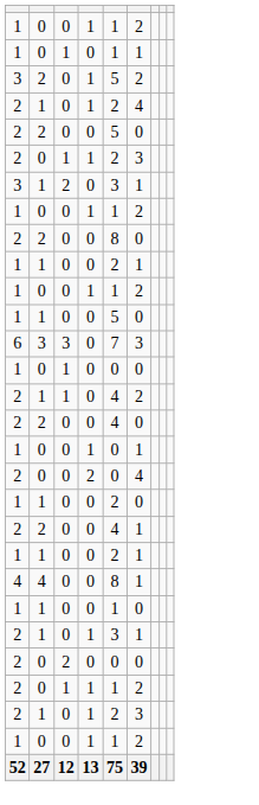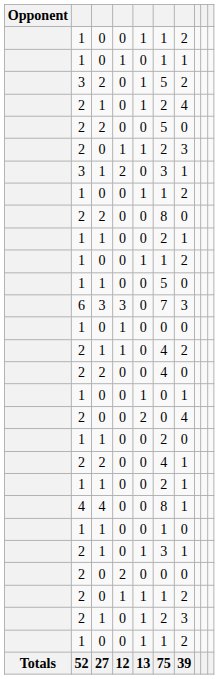 <table class="wikitable plainrowheaders sortable" style="text-align:center">
 <tr>
+<th scope=col>Opponent</th>
 <th scope=col></th>
 <th scope=col></th>
 <th scope=col></th>
 <th scope=col></th>
 <th scope=col></th>
 <th scope=col></th>
 <th scope=col></th>
 <th scope=col></th>
 <th scope=col></th>
 </tr>
 <tr>
+<th scope=row style="text-align:left;"></th>
 <td>1</td>
 <td>0</td>
 <td>0</td>
 <td>1</td>
 <td>1</td>
 <td>2</td>
 <td></td>
 <td></td>
 <td></td>
 </tr>
 <tr>
+<th scope=row style="text-align:left;"></th>
 <td>1</td>
 <td>0</td>
 <td>1</td>
 <td>0</td>
 <td>1</td>
 <td>1</td>
 <td></td>
 <td></td>
 <td></td>
 </tr>
 <tr>
+<th scope=row style="text-align:left;"></th>
 <td>3</td>
 <td>2</td>
 <td>0</td>
 <td>1</td>
 <td>5</td>
 <td>2</td>
 <td></td>
 <td></td>
 <td></td>
 </tr>
 <tr>
+<th scope=row style="text-align:left;"></th>
 <td>2</td>
 <td>1</td>
 <td>0</td>
 <td>1</td>
 <td>2</td>
 <td>4</td>
 <td></td>
 <td></td>
 <td></td>
 </tr>
 <tr>
+<th scope=row style="text-align:left;"></th>
 <td>2</td>
 <td>2</td>
 <td>0</td>
 <td>0</td>
 <td>5</td>
 <td>0</td>
 <td></td>
 <td></td>
 <td></td>
 </tr>
 <tr>
+<th scope=row style="text-align:left;"></th>
 <td>2</td>
 <td>0</td>
 <td>1</td>
 <td>1</td>
 <td>2</td>
 <td>3</td>
 <td></td>
 <td></td>
 <td></td>
 </tr>
 <tr>
+<th scope=row style="text-align:left;"></th>
 <td>3</td>
 <td>1</td>
 <td>2</td>
 <td>0</td>
 <td>3</td>
 <td>1</td>
 <td></td>
 <td></td>
 <td></td>
 </tr>
 <tr>
+<th scope=row style="text-align:left;"></th>
 <td>1</td>
 <td>0</td>
 <td>0</td>
 <td>1</td>
 <td>1</td>
 <td>2</td>
 <td></td>
 <td></td>
 <td></td>
 </tr>
 <tr>
+<th scope=row style="text-align:left;"></th>
 <td>2</td>
 <td>2</td>
 <td>0</td>
 <td>0</td>
 <td>8</td>
 <td>0</td>
 <td></td>
 <td></td>
 <td></td>
 </tr>
 <tr>
+<th scope=row style="text-align:left;"></th>
 <td>1</td>
 <td>1</td>
 <td>0</td>
 <td>0</td>
 <td>2</td>
 <td>1</td>
 <td></td>
 <td></td>
 <td></td>
 </tr>
 <tr>
+<th scope=row style="text-align:left;"></th>
 <td>1</td>
 <td>0</td>
 <td>0</td>
 <td>1</td>
 <td>1</td>
 <td>2</td>
 <td></td>
 <td></td>
 <td></td>
 </tr>
 <tr>
+<th scope=row style="text-align:left;"></th>
 <td>1</td>
 <td>1</td>
 <td>0</td>
 <td>0</td>
 <td>5</td>
 <td>0</td>
 <td></td>
 <td></td>
 <td></td>
 </tr>
 <tr>
+<th scope=row style="text-align:left;"></th>
 <td>6</td>
 <td>3</td>
 <td>3</td>
 <td>0</td>
 <td>7</td>
 <td>3</td>
 <td></td>
 <td></td>
 <td></td>
 </tr>
 <tr>
+<th scope=row style="text-align:left;"></th>
 <td>1</td>
 <td>0</td>
 <td>1</td>
 <td>0</td>
 <td>0</td>
 <td>0</td>
 <td></td>
 <td></td>
 <td></td>
 </tr>
 <tr>
+<th scope=row style="text-align:left;"></th>
 <td>2</td>
 <td>1</td>
 <td>1</td>
 <td>0</td>
 <td>4</td>
 <td>2</td>
 <td></td>
 <td></td>
 <td></td>
 </tr>
 <tr>
+<th scope=row style="text-align:left;"></th>
 <td>2</td>
 <td>2</td>
 <td>0</td>
 <td>0</td>
 <td>4</td>
 <td>0</td>
 <td></td>
 <td></td>
 <td></td>
 </tr>
 <tr>
+<th scope=row style="text-align:left;"></th>
 <td>1</td>
 <td>0</td>
 <td>0</td>
 <td>1</td>
 <td>0</td>
 <td>1</td>
 <td></td>
 <td></td>
 <td></td>
 </tr>
 <tr>
+<th scope=row style="text-align:left;"></th>
 <td>2</td>
 <td>0</td>
 <td>0</td>
 <td>2</td>
 <td>0</td>
 <td>4</td>
 <td></td>
 <td></td>
 <td></td>
 </tr>
 <tr>
+<th scope=row style="text-align:left;"></th>
 <td>1</td>
 <td>1</td>
 <td>0</td>
 <td>0</td>
 <td>2</td>
 <td>0</td>
 <td></td>
 <td></td>
 <td></td>
 </tr>
 <tr>
+<th scope=row style="text-align:left;"></th>
 <td>2</td>
 <td>2</td>
 <td>0</td>
 <td>0</td>
 <td>4</td>
 <td>1</td>
 <td></td>
 <td></td>
 <td></td>
 </tr>
 <tr>
+<th scope=row style="text-align:left;"></th>
 <td>1</td>
 <td>1</td>
 <td>0</td>
 <td>0</td>
 <td>2</td>
 <td>1</td>
 <td></td>
 <td></td>
 <td></td>
 </tr>
 <tr>
+<th scope=row style="text-align:left;"></th>
 <td>4</td>
 <td>4</td>
 <td>0</td>
 <td>0</td>
 <td>8</td>
 <td>1</td>
 <td></td>
 <td></td>
 <td></td>
 </tr>
 <tr>
+<th scope=row style="text-align:left;"></th>
 <td>1</td>
 <td>1</td>
 <td>0</td>
 <td>0</td>
 <td>1</td>
 <td>0</td>
 <td></td>
 <td></td>
 <td></td>
 </tr>
 <tr>
+<th scope=row style="text-align:left;"></th>
 <td>2</td>
 <td>1</td>
 <td>0</td>
 <td>1</td>
 <td>3</td>
 <td>1</td>
 <td></td>
 <td></td>
 <td></td>
 </tr>
 <tr>
+<th scope=row style="text-align:left;"></th>
 <td>2</td>
 <td>0</td>
 <td>2</td>
 <td>0</td>
 <td>0</td>
 <td>0</td>
 <td></td>
 <td></td>
 <td></td>
 </tr>
 <tr>
+<th scope=row style="text-align:left;"></th>
 <td>2</td>
 <td>0</td>
 <td>1</td>
 <td>1</td>
 <td>1</td>
 <td>2</td>
 <td></td>
 <td></td>
 <td></td>
 </tr>
 <tr>
+<th scope=row style="text-align:left;"></th>
 <td>2</td>
 <td>1</td>
 <td>0</td>
 <td>1</td>
 <td>2</td>
 <td>3</td>
 <td></td>
 <td></td>
 <td></td>
 </tr>
 <tr>
+<th scope=row style="text-align:left;"></th>
 <td>1</td>
 <td>0</td>
 <td>0</td>
 <td>1</td>
 <td>1</td>
 <td>2</td>
 <td></td>
 <td></td>
 <td></td>
 </tr>
 <tr class="sortbottom">
+<th>Totals</th>
 <th>52</th>
 <th>27</th>
 <th>12</th>
 <th>13</th>
 <th>75</th>
 <th>39</th>
 <th></th>
 <th></th>
 <th></th>
 </tr>
 </table>
